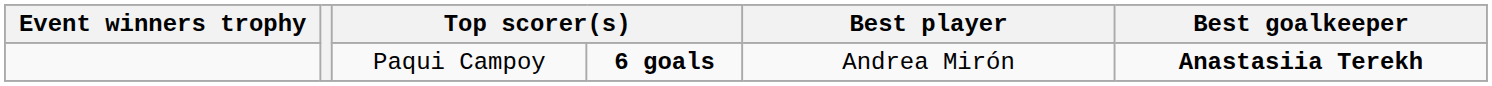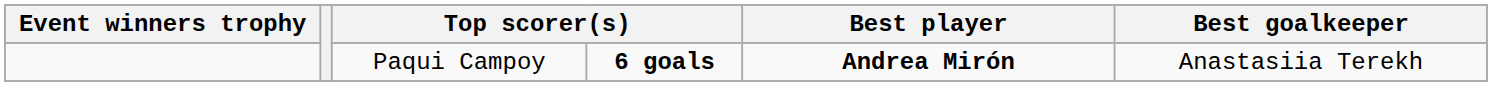 <table class="wikitable" style="text-align: center; font-size: 97%;">
 <tr>
 <th width=160>Event winners trophy</th>
 <th rowspan=2></th>
 <th colspan=2 width=210>Top scorer(s)</th>
 <th width=190>Best player</th>
 <th width=190>Best goalkeeper</th>
 </tr>
 <tr align=center style="background:">
 <td style="text-align:center;"></td>
 <td> Paqui Campoy</td>
 <td><strong>6 goals</strong></td>
-<td> Andrea Mirón</td>
-<td><strong> Anastasiia Terekh</strong></td>
+<td><strong> Andrea Mirón</strong></td>
+<td> Anastasiia Terekh</td>
 </tr>
 </table>
